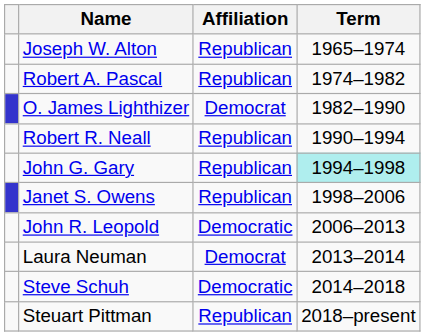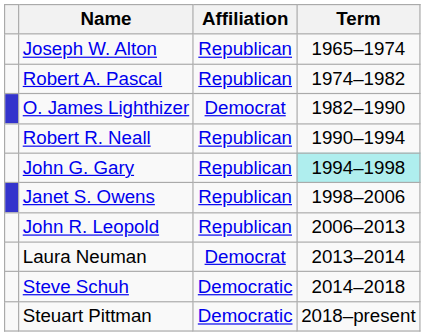 <table class=wikitable>
 <tr>
 <th></th>
 <th style="text-align:center;">Name</th>
 <th valign=bottom>Affiliation</th>
 <th style="vertical-align:bottom; text-align:center;">Term</th>
 </tr>
 <tr>
 <td style="background-color:"> </td>
 <td><a href='#'>Joseph W. Alton</a></td>
 <td style="text-align:center;"><a href='#'>Republican</a></td>
 <td style="text-align:center;">1965–1974</td>
 </tr>
 <tr>
 <td style="background-color:"> </td>
 <td><a href='#'>Robert A. Pascal</a></td>
 <td style="text-align:center;"><a href='#'>Republican</a></td>
 <td style="text-align:center;">1974–1982</td>
 </tr>
 <tr>
 <td style="background:#33c;"> </td>
 <td><a href='#'>O. James Lighthizer</a></td>
 <td style="text-align:center;"><a href='#'>Democrat</a></td>
 <td style="text-align:center;">1982–1990</td>
 </tr>
 <tr>
 <td style="background-color:"> </td>
 <td><a href='#'>Robert R. Neall</a></td>
 <td style="text-align:center;"><a href='#'>Republican</a></td>
 <td style="text-align:center;">1990–1994</td>
 </tr>
 <tr>
 <td style="background-color:"> </td>
 <td><a href='#'>John G. Gary</a></td>
 <td style="text-align:center;"><a href='#'>Republican</a></td>
 <td style="background: paleturquoise; text-align:center;">1994–1998</td>
 </tr>
 <tr>
 <td style="background:#33c;"> </td>
 <td><a href='#'>Janet S. Owens</a></td>
 <td style="text-align:center;"><a href='#'>Republican</a></td>
 <td style="text-align:center;">1998–2006</td>
 </tr>
 <tr>
 <td style="background-color:"> </td>
 <td><a href='#'>John R. Leopold</a></td>
-<td style="text-align:center;"><a href='#'>Democratic</a></td>
+<td style="text-align:center;"><a href='#'>Republican</a></td>
 <td style="text-align:center;">2006–2013</td>
 </tr>
 <tr>
 <td style="background-color:"> </td>
 <td>Laura Neuman</td>
 <td style="text-align:center;"><a href='#'>Democrat</a></td>
 <td style="text-align:center;">2013–2014</td>
 </tr>
 <tr>
 <td style="background-color:"> </td>
 <td><a href='#'>Steve Schuh</a></td>
 <td style="text-align:center;"><a href='#'>Democratic</a></td>
 <td style="text-align:center;">2014–2018</td>
 </tr>
 <tr>
 <td style="background-color:"> </td>
 <td>Steuart Pittman</td>
-<td style="text-align:center;"><a href='#'>Republican</a></td>
+<td style="text-align:center;"><a href='#'>Democratic</a></td>
 <td style="text-align:center;">2018–present</td>
 </tr>
 </table>
